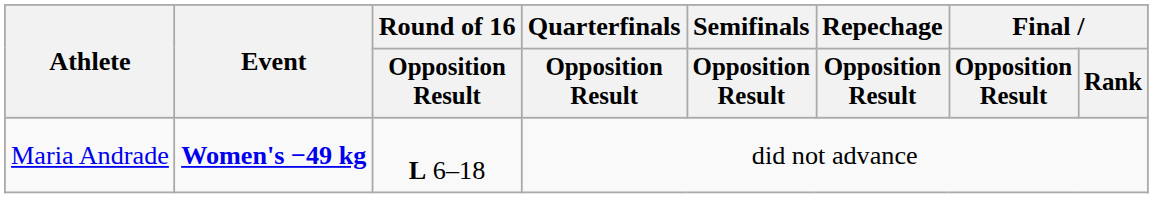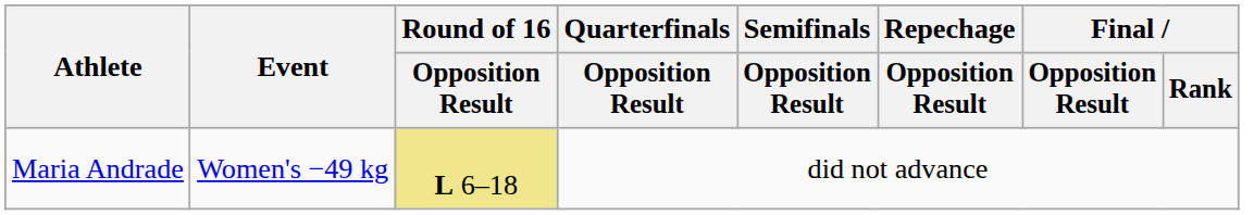 <table class="wikitable" style="font-size:90%;">
 <tr>
 <th rowspan=2>Athlete</th>
 <th rowspan=2>Event</th>
 <th>Round of 16</th>
 <th>Quarterfinals</th>
 <th>Semifinals</th>
 <th>Repechage</th>
 <th colspan=2>Final / </th>
 </tr>
 <tr style="font-size:95%">
 <th>Opposition<br>Result</th>
 <th>Opposition<br>Result</th>
 <th>Opposition<br>Result</th>
 <th>Opposition<br>Result</th>
 <th>Opposition<br>Result</th>
 <th>Rank</th>
 </tr>
 <tr align=center>
 <td align=left><a href='#'>Maria Andrade</a></td>
-<td align=left><strong><a href='#'>Women's −49 kg</a></strong></td>
-<td><br><strong>L</strong> 6–18 </td>
+<td align=left><a href='#'>Women's −49 kg</a></td>
+<td style="background: khaki;"><br><strong>L</strong> 6–18 </td>
 <td colspan=5>did not advance</td>
 </tr>
 </table>
